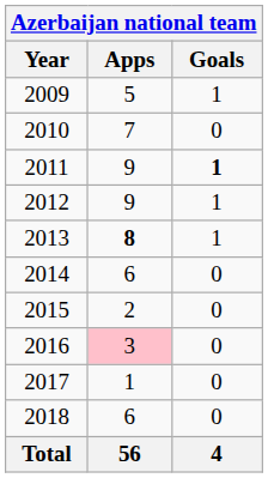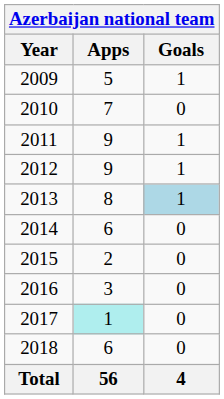 <table class="wikitable" style="text-align:center">
 <tr>
 <th colspan=3><a href='#'>Azerbaijan national team</a></th>
 </tr>
 <tr>
 <th>Year</th>
 <th>Apps</th>
 <th>Goals</th>
 </tr>
 <tr>
 <td>2009</td>
 <td>5</td>
 <td>1</td>
 </tr>
 <tr>
 <td>2010</td>
 <td>7</td>
 <td>0</td>
 </tr>
 <tr>
 <td>2011</td>
 <td>9</td>
-<td><strong>1</strong></td>
+<td>1</td>
 </tr>
 <tr>
 <td>2012</td>
 <td>9</td>
 <td>1</td>
 </tr>
 <tr>
 <td>2013</td>
-<td><strong>8</strong></td>
-<td>1</td>
+<td>8</td>
+<td style="background: lightblue;">1</td>
 </tr>
 <tr>
 <td>2014</td>
 <td>6</td>
 <td>0</td>
 </tr>
 <tr>
 <td>2015</td>
 <td>2</td>
 <td>0</td>
 </tr>
 <tr>
 <td>2016</td>
-<td style="background: pink;">3</td>
+<td>3</td>
 <td>0</td>
 </tr>
 <tr>
 <td>2017</td>
-<td>1</td>
+<td style="background: paleturquoise;">1</td>
 <td>0</td>
 </tr>
 <tr>
 <td>2018</td>
 <td>6</td>
 <td>0</td>
 </tr>
 <tr>
 <th>Total</th>
 <th>56</th>
 <th>4</th>
 </tr>
 </table>
